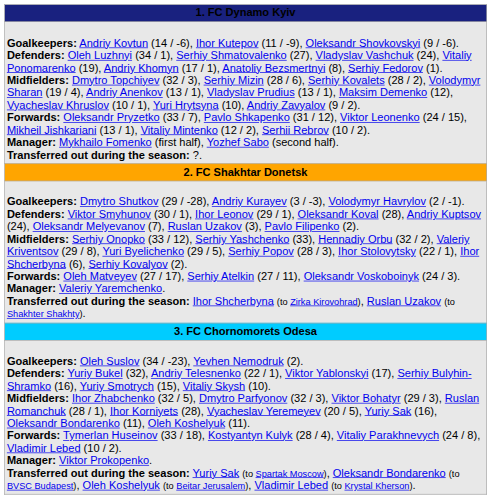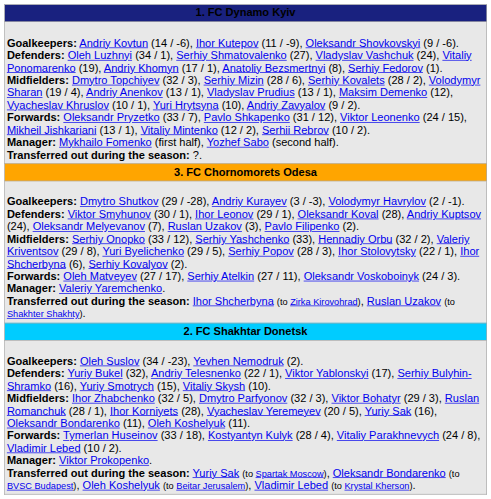 <table class="wikitable" style="width:700px;">
 <tr style="background:#19217f;">
 <td style="text-align:center; width:700px;"><span> <strong>1. FC Dynamo Kyiv</strong> </span></td>
 </tr>
 <tr style="background:#e8e8e8;">
 <td style="text-align:left; width:700px;"><br><strong>Goalkeepers:</strong> <a href='#'>Andriy Kovtun</a> (14 / -6), <a href='#'>Ihor Kutepov</a> (11 / -9), <a href='#'>Oleksandr Shovkovskyi</a> (9 / -6).<br> <strong>Defenders:</strong> <a href='#'>Oleh Luzhnyi</a> (34 / 1), <a href='#'>Serhiy Shmatovalenko</a> (27), <a href='#'>Vladyslav Vashchuk</a> (24), <a href='#'>Vitaliy Ponomarenko</a> (19), <a href='#'>Andriy Khomyn</a> (17 / 1), <a href='#'>Anatoliy Bezsmertnyi</a> (8), <a href='#'>Serhiy Fedorov</a> (1).<br> <strong>Midfielders:</strong> <a href='#'>Dmytro Topchiyev</a> (32 / 3), <a href='#'>Serhiy Mizin</a> (28 / 6), <a href='#'>Serhiy Kovalets</a> (28 / 2), <a href='#'>Volodymyr Sharan</a> (19 / 4), <a href='#'>Andriy Anenkov</a> (13 / 1), <a href='#'>Vladyslav Prudius</a> (13 / 1), <a href='#'>Maksim Demenko</a> (12), <a href='#'>Vyacheslav Khruslov</a> (10 / 1), <a href='#'>Yuri Hrytsyna</a> (10), <a href='#'>Andriy Zavyalov</a> (9 / 2).<br> <strong>Forwards:</strong> <a href='#'>Oleksandr Pryzetko</a> (33 / 7), <a href='#'>Pavlo Shkapenko</a> (31 / 12), <a href='#'>Viktor Leonenko</a> (24 / 15), <a href='#'>Mikheil Jishkariani</a> (13 / 1), <a href='#'>Vitaliy Mintenko</a> (12 / 2), <a href='#'>Serhii Rebrov</a> (10 / 2).<br><strong>Manager:</strong> <a href='#'>Mykhailo Fomenko</a> (first half), <a href='#'>Yozhef Sabo</a> (second half).<br><strong>Transferred out during the season:</strong> ?.</td>
 </tr>
 <tr style="background:orange;">
-<td style="text-align:center; width:700px;"><span> <strong>2. FC Shakhtar Donetsk</strong> </span></td>
+<td style="text-align:center; width:700px;"><span> <strong>3. FC Chornomorets Odesa</strong> </span></td>
 </tr>
 <tr style="background:#e8e8e8;">
 <td style="text-align:left; width:700px;"><br><strong>Goalkeepers:</strong> <a href='#'>Dmytro Shutkov</a> (29 / -28), <a href='#'>Andriy Kurayev</a> (3 / -3), <a href='#'>Volodymyr Havrylov</a> (2 / -1).<br> <strong>Defenders:</strong> <a href='#'>Viktor Smyhunov</a> (30 / 1), <a href='#'>Ihor Leonov</a> (29 / 1), <a href='#'>Oleksandr Koval</a> (28), <a href='#'>Andriy Kuptsov</a> (24), <a href='#'>Oleksandr Melyevanov</a> (7), <a href='#'>Ruslan Uzakov</a> (3), <a href='#'>Pavlo Filipenko</a> (2).<br> <strong>Midfielders:</strong> <a href='#'>Serhiy Onopko</a> (33 / 12), <a href='#'>Serhiy Yashchenko</a> (33), <a href='#'>Hennadiy Orbu</a> (32 / 2), <a href='#'>Valeriy Kriventsov</a> (29 / 8), <a href='#'>Yuri Byelichenko</a> (29 / 5), <a href='#'>Serhiy Popov</a> (28 / 3), <a href='#'>Ihor Stolovytsky</a> (22 / 1), <a href='#'>Ihor Shcherbyna</a> (6), <a href='#'>Serhiy Kovalyov</a> (2).<br> <strong>Forwards:</strong> <a href='#'>Oleh Matveyev</a> (27 / 17), <a href='#'>Serhiy Atelkin</a> (27 / 11), <a href='#'>Oleksandr Voskoboinyk</a> (24 / 3).<br><strong>Manager:</strong> <a href='#'>Valeriy Yaremchenko</a>.<br><strong>Transferred out during the season:</strong> <a href='#'>Ihor Shcherbyna</a> <small>(to <a href='#'>Zirka Kirovohrad</a>)</small>, <a href='#'>Ruslan Uzakov</a> <small>(to  <a href='#'>Shakhter Shakhty</a>)</small>.</td>
 </tr>
 <tr style="background:#0cf;">
-<td style="text-align:center; width:700px;"><span> <strong>3. FC Chornomorets Odesa</strong> </span></td>
+<td style="text-align:center; width:700px;"><span> <strong>2. FC Shakhtar Donetsk</strong> </span></td>
 </tr>
 <tr style="background:#e8e8e8;">
 <td style="text-align:left; width:700px;"><br><strong>Goalkeepers:</strong> <a href='#'>Oleh Suslov</a> (34 / -23), <a href='#'>Yevhen Nemodruk</a> (2).<br> <strong>Defenders:</strong> <a href='#'>Yuriy Bukel</a> (32), <a href='#'>Andriy Telesnenko</a> (22 / 1), <a href='#'>Viktor Yablonskyi</a> (17), <a href='#'>Serhiy Bulyhin-Shramko</a> (16), <a href='#'>Yuriy Smotrych</a> (15), <a href='#'>Vitaliy Skysh</a> (10).<br> <strong>Midfielders:</strong> <a href='#'>Ihor Zhabchenko</a> (32 / 5), <a href='#'>Dmytro Parfyonov</a> (32 / 3), <a href='#'>Viktor Bohatyr</a> (29 / 3), <a href='#'>Ruslan Romanchuk</a> (28 / 1), <a href='#'>Ihor Korniyets</a> (28), <a href='#'>Vyacheslav Yeremeyev</a> (20 / 5), <a href='#'>Yuriy Sak</a> (16), <a href='#'>Oleksandr Bondarenko</a> (11), <a href='#'>Oleh Koshelyuk</a> (11).<br> <strong>Forwards:</strong> <a href='#'>Tymerlan Huseinov</a> (33 / 18), <a href='#'>Kostyantyn Kulyk</a> (28 / 4), <a href='#'>Vitaliy Parakhnevych</a> (24 / 8), <a href='#'>Vladimir Lebed</a> (10 / 2).<br><strong>Manager:</strong> <a href='#'>Viktor Prokopenko</a>.<br><strong>Transferred out during the season:</strong> <a href='#'>Yuriy Sak</a> <small>(to  <a href='#'>Spartak Moscow</a>)</small>, <a href='#'>Oleksandr Bondarenko</a> <small>(to  <a href='#'>BVSC Budapest</a>)</small>, <a href='#'>Oleh Koshelyuk</a> <small>(to  <a href='#'>Beitar Jerusalem</a>)</small>, <a href='#'>Vladimir Lebed</a> <small>(to <a href='#'>Krystal Kherson</a>)</small>.</td>
 </tr>
 </table>
